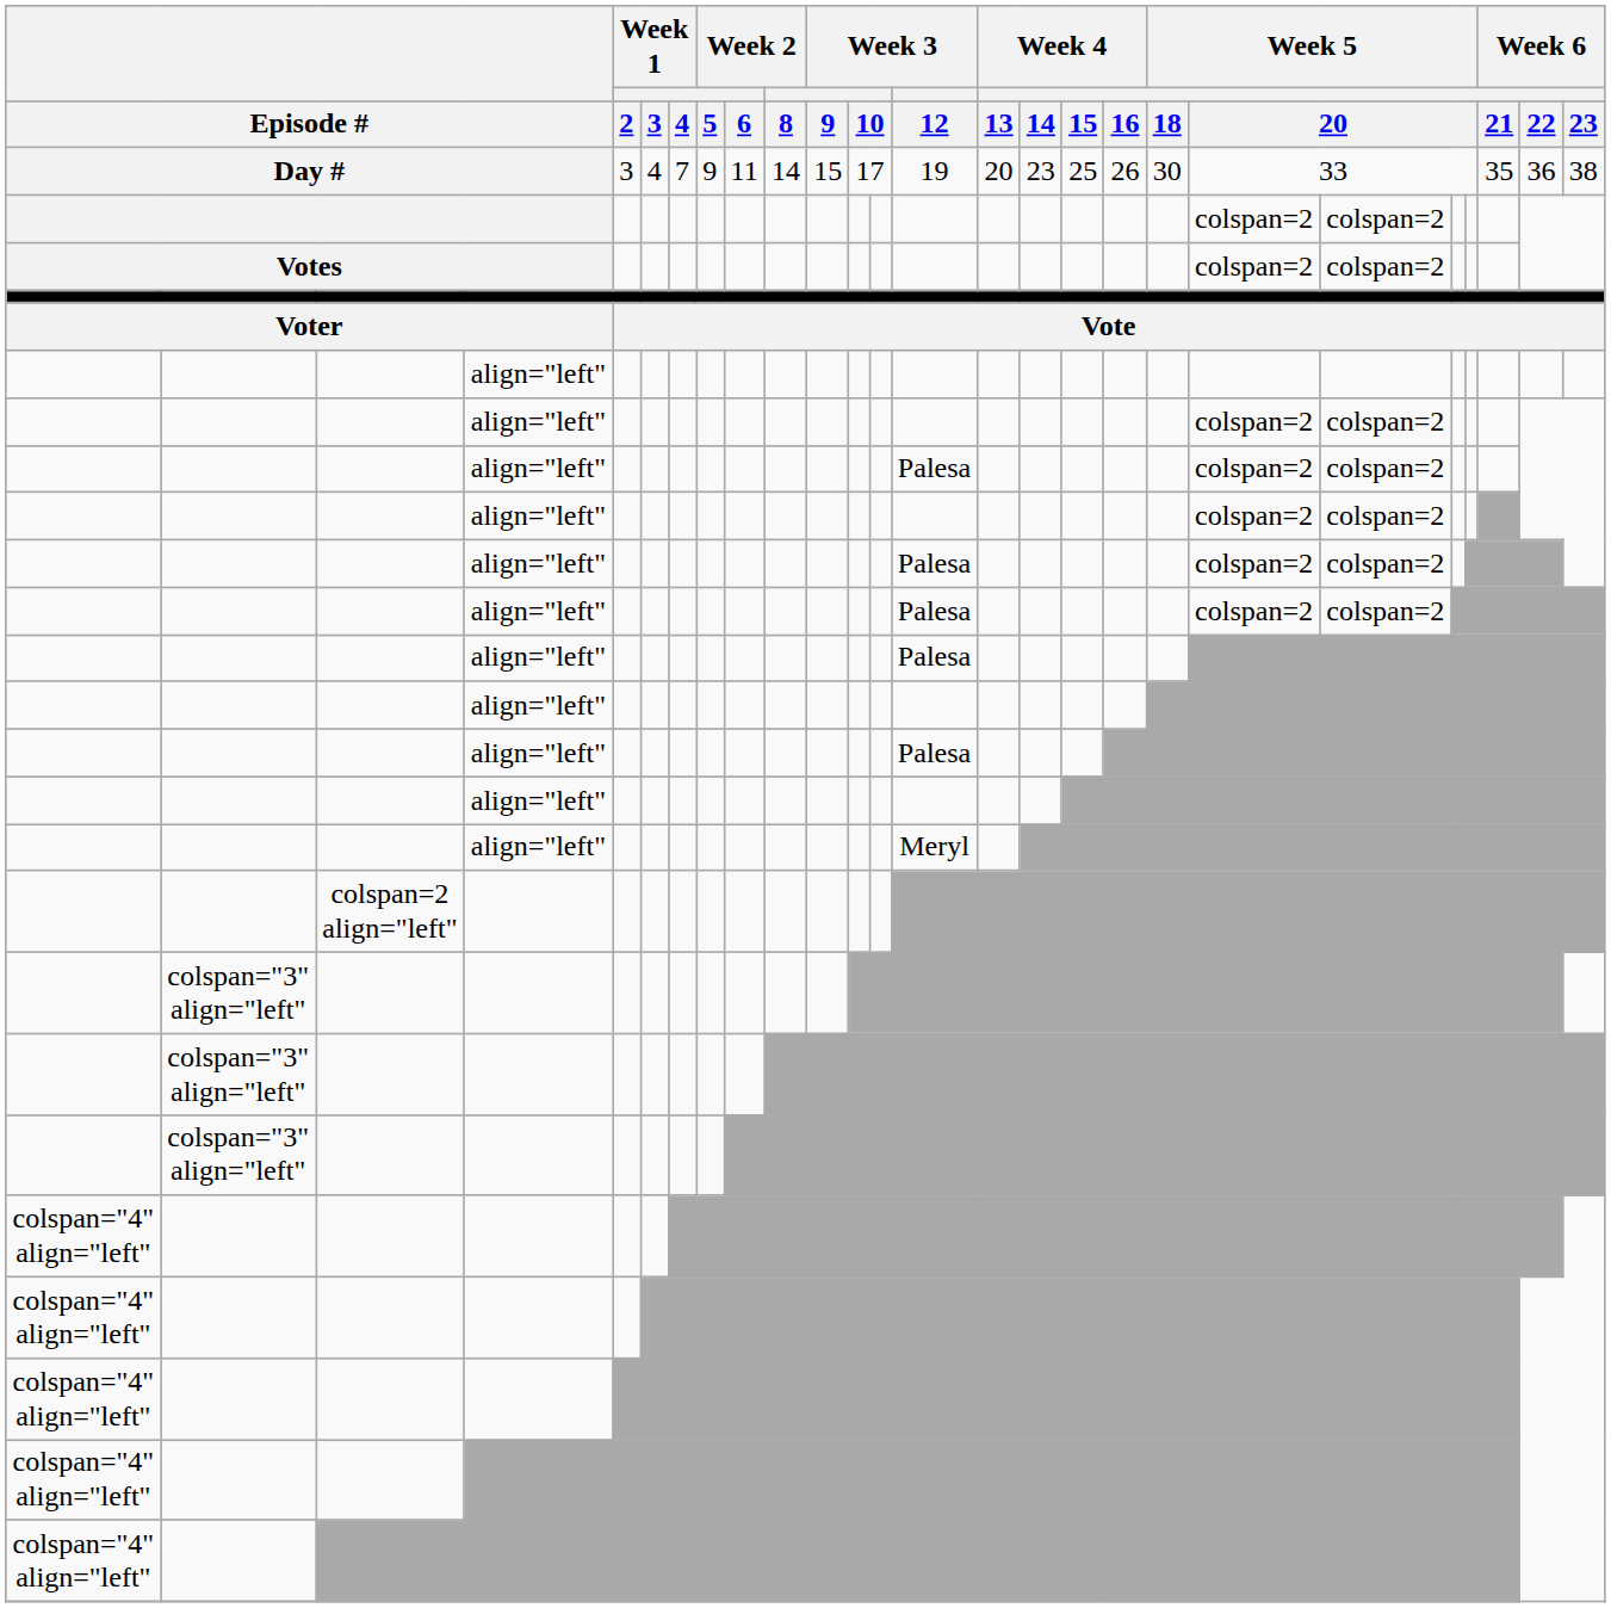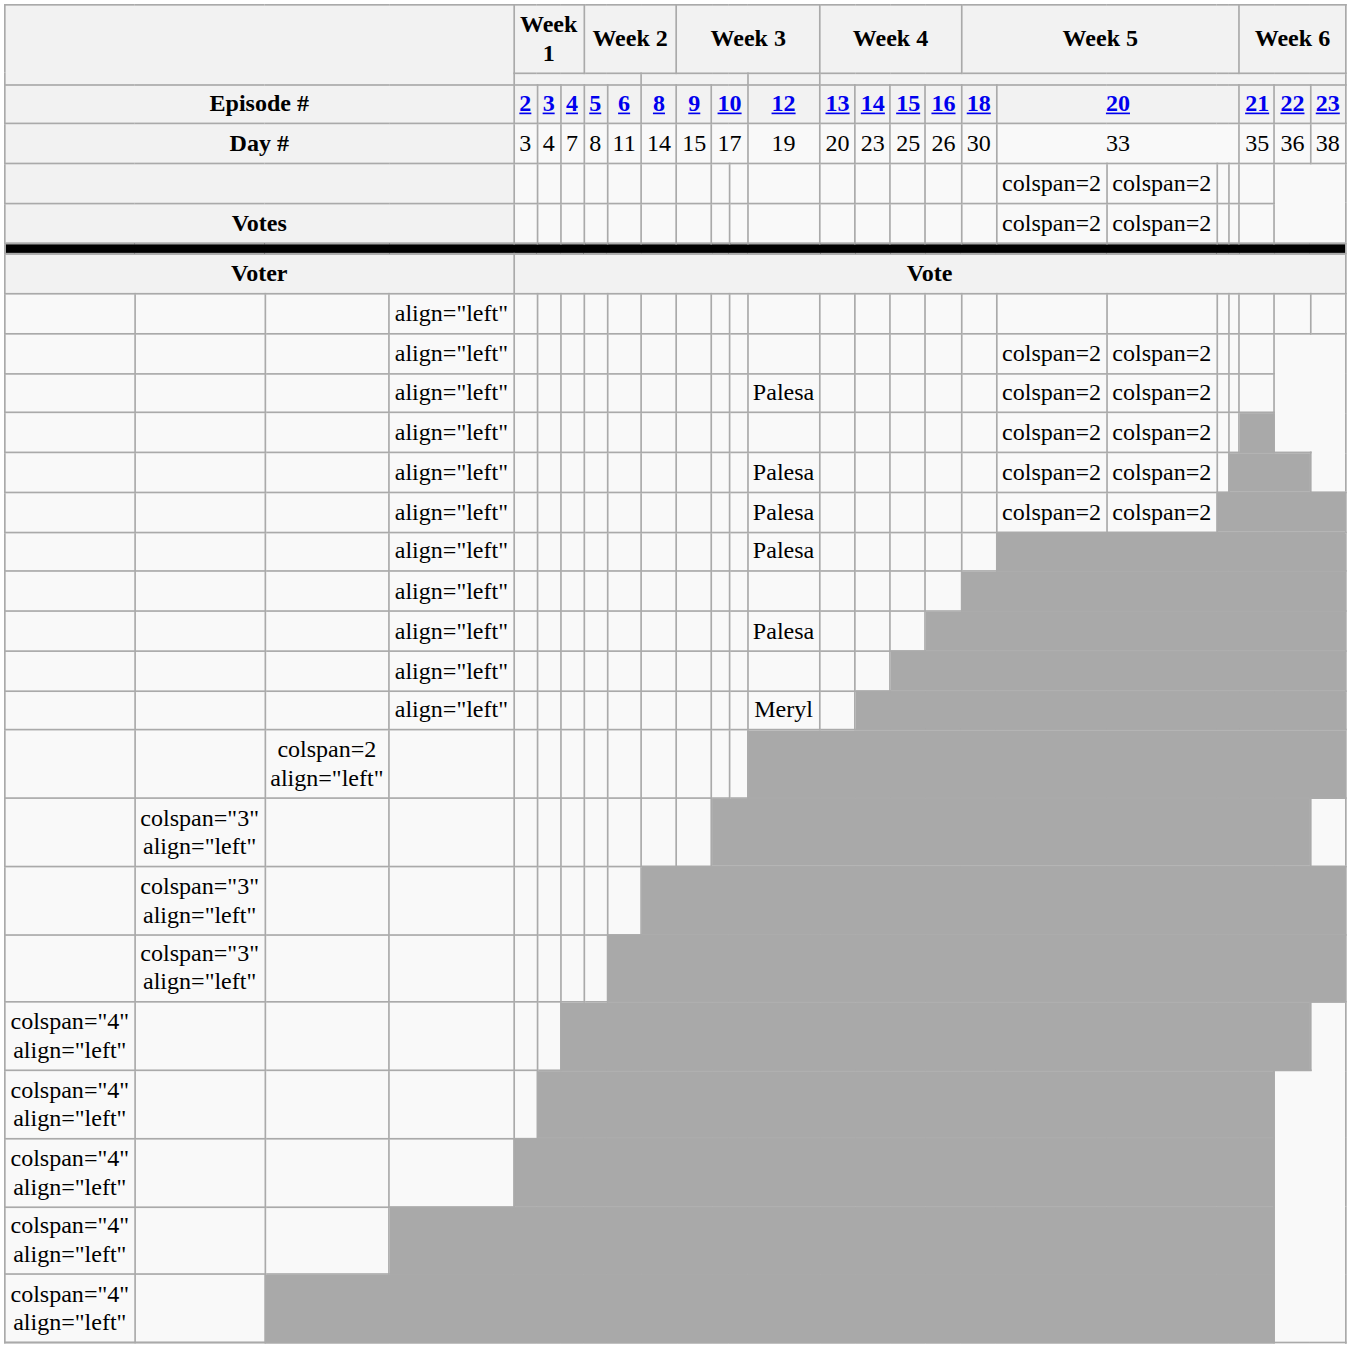 <table class="wikitable" style="text-align:center; font-size:90%; width:50%">
 <tr>
 <th rowspan="2" colspan="4"></th>
 <th colspan="3">Week 1</th>
 <th colspan="3">Week 2</th>
 <th colspan="4">Week 3</th>
 <th colspan="4">Week 4</th>
 <th colspan="5">Week 5</th>
 <th colspan="3">Week 6</th>
 </tr>
 <tr>
 <th colspan="5"></th>
 <th colspan="4"></th>
 <th colspan="1"></th>
 <th colspan="12"></th>
 </tr>
 <tr>
 <th colspan="4">Episode #</th>
 <th><a href='#'>2</a></th>
 <th><a href='#'>3</a></th>
 <th><a href='#'>4</a></th>
 <th><a href='#'>5</a></th>
 <th><a href='#'>6</a></th>
 <th><a href='#'>8</a></th>
 <th><a href='#'>9</a></th>
 <th colspan=2><a href='#'>10</a></th>
 <th><a href='#'>12</a></th>
 <th><a href='#'>13</a></th>
 <th><a href='#'>14</a></th>
 <th><a href='#'>15</a></th>
 <th><a href='#'>16</a></th>
 <th><a href='#'>18</a></th>
 <th colspan=4><a href='#'>20</a></th>
 <th><a href='#'>21</a></th>
 <th><a href='#'>22</a></th>
 <th><a href='#'>23</a></th>
 </tr>
 <tr>
 <th colspan="4">Day #</th>
 <td>3</td>
 <td>4</td>
 <td>7</td>
-<td>9</td>
+<td>8</td>
 <td>11</td>
 <td>14</td>
 <td>15</td>
 <td colspan=2>17</td>
 <td>19</td>
 <td>20</td>
 <td>23</td>
 <td>25</td>
 <td>26</td>
 <td>30</td>
 <td colspan=4>33</td>
 <td>35</td>
 <td>36</td>
 <td>38</td>
 </tr>
 <tr>
 <th colspan="4"></th>
 <td></td>
 <td></td>
 <td></td>
 <td></td>
 <td></td>
 <td></td>
 <td></td>
 <td></td>
 <td></td>
 <td></td>
 <td></td>
 <td></td>
 <td></td>
 <td></td>
 <td></td>
 <td>colspan=2 </td>
 <td>colspan=2 </td>
 <td></td>
 <td></td>
 <td></td>
 </tr>
 <tr>
 <th colspan="4">Votes</th>
 <td></td>
 <td></td>
 <td></td>
 <td></td>
 <td></td>
 <td></td>
 <td></td>
 <td></td>
 <td></td>
 <td></td>
 <td></td>
 <td></td>
 <td></td>
 <td></td>
 <td></td>
 <td>colspan=2 </td>
 <td>colspan=2 </td>
 <td></td>
 <td></td>
 <td></td>
 </tr>
 <tr>
 <td bgcolor=#000000 colspan="26"></td>
 </tr>
 <tr>
 <th colspan="4">Voter</th>
 <th colspan="22">Vote</th>
 </tr>
 <tr>
 <td></td>
 <td></td>
 <td></td>
 <td>align="left" </td>
 <td></td>
 <td></td>
 <td></td>
 <td></td>
 <td></td>
 <td></td>
 <td></td>
 <td></td>
 <td></td>
 <td></td>
 <td></td>
 <td></td>
 <td></td>
 <td></td>
 <td></td>
 <td></td>
 <td></td>
 <td></td>
 <td></td>
 <td></td>
 <td></td>
 <td></td>
 </tr>
 <tr>
 <td></td>
 <td></td>
 <td></td>
 <td>align="left" </td>
 <td></td>
 <td></td>
 <td></td>
 <td></td>
 <td></td>
 <td></td>
 <td></td>
 <td></td>
 <td></td>
 <td></td>
 <td></td>
 <td></td>
 <td></td>
 <td></td>
 <td></td>
 <td>colspan=2 </td>
 <td>colspan=2 </td>
 <td></td>
 <td></td>
 <td></td>
 </tr>
 <tr>
 <td></td>
 <td></td>
 <td></td>
 <td>align="left" </td>
 <td></td>
 <td></td>
 <td></td>
 <td></td>
 <td></td>
 <td></td>
 <td></td>
 <td></td>
 <td></td>
 <td><span>Palesa</span></td>
 <td></td>
 <td></td>
 <td></td>
 <td></td>
 <td></td>
 <td>colspan=2 </td>
 <td>colspan=2 </td>
 <td></td>
 <td></td>
 <td></td>
 </tr>
 <tr>
 <td></td>
 <td></td>
 <td></td>
 <td>align="left" </td>
 <td></td>
 <td></td>
 <td></td>
 <td></td>
 <td></td>
 <td></td>
 <td></td>
 <td></td>
 <td></td>
 <td></td>
 <td></td>
 <td></td>
 <td></td>
 <td></td>
 <td></td>
 <td>colspan=2 </td>
 <td>colspan=2 </td>
 <td></td>
 <td></td>
 <td colspan="1" style="background:darkgrey;"></td>
 </tr>
 <tr>
 <td></td>
 <td></td>
 <td></td>
 <td>align="left" </td>
 <td></td>
 <td></td>
 <td></td>
 <td></td>
 <td></td>
 <td></td>
 <td></td>
 <td></td>
 <td></td>
 <td><span>Palesa</span></td>
 <td></td>
 <td></td>
 <td></td>
 <td></td>
 <td></td>
 <td>colspan=2 </td>
 <td>colspan=2 </td>
 <td></td>
 <td colspan="3" style="background:darkgrey;"></td>
 </tr>
 <tr>
 <td></td>
 <td></td>
 <td></td>
 <td>align="left" </td>
 <td></td>
 <td></td>
 <td></td>
 <td></td>
 <td></td>
 <td></td>
 <td></td>
 <td></td>
 <td></td>
 <td><span>Palesa</span></td>
 <td></td>
 <td></td>
 <td></td>
 <td></td>
 <td></td>
 <td>colspan=2 </td>
 <td>colspan=2 </td>
 <td colspan="5" style="background:darkgrey;"></td>
 </tr>
 <tr>
 <td></td>
 <td></td>
 <td></td>
 <td>align="left" </td>
 <td></td>
 <td></td>
 <td></td>
 <td></td>
 <td></td>
 <td></td>
 <td></td>
 <td></td>
 <td></td>
 <td><span>Palesa</span></td>
 <td></td>
 <td></td>
 <td></td>
 <td></td>
 <td></td>
 <td colspan="8" style="background:darkgrey;"></td>
 </tr>
 <tr>
 <td></td>
 <td></td>
 <td></td>
 <td>align="left" </td>
 <td></td>
 <td></td>
 <td></td>
 <td></td>
 <td></td>
 <td></td>
 <td></td>
 <td></td>
 <td></td>
 <td></td>
 <td></td>
 <td></td>
 <td></td>
 <td></td>
 <td colspan="9" style="background:darkgrey;"></td>
 </tr>
 <tr>
 <td></td>
 <td></td>
 <td></td>
 <td>align="left" </td>
 <td></td>
 <td></td>
 <td></td>
 <td></td>
 <td></td>
 <td></td>
 <td></td>
 <td></td>
 <td></td>
 <td><span>Palesa</span></td>
 <td></td>
 <td></td>
 <td></td>
 <td colspan="10" style="background:darkgrey;"></td>
 </tr>
 <tr>
 <td></td>
 <td></td>
 <td></td>
 <td>align="left" </td>
 <td></td>
 <td></td>
 <td></td>
 <td></td>
 <td></td>
 <td></td>
 <td></td>
 <td></td>
 <td></td>
 <td></td>
 <td></td>
 <td></td>
 <td colspan="11" style="background:darkgrey;"></td>
 </tr>
 <tr>
 <td></td>
 <td></td>
 <td></td>
 <td>align="left" </td>
 <td></td>
 <td></td>
 <td></td>
 <td></td>
 <td></td>
 <td></td>
 <td></td>
 <td></td>
 <td></td>
 <td><span>Meryl</span></td>
 <td></td>
 <td colspan="12" style="background:darkgrey;"></td>
 </tr>
 <tr>
 <td></td>
 <td></td>
 <td>colspan=2 align="left" </td>
 <td></td>
 <td></td>
 <td></td>
 <td></td>
 <td></td>
 <td></td>
 <td></td>
 <td></td>
 <td></td>
 <td></td>
 <td colspan="13" style="background:darkgrey;"></td>
 </tr>
 <tr>
 <td></td>
 <td>colspan="3" align="left" </td>
 <td></td>
 <td></td>
 <td></td>
 <td></td>
 <td></td>
 <td></td>
 <td></td>
 <td></td>
 <td></td>
 <td colspan="14" style="background:darkgrey;"></td>
 </tr>
 <tr>
 <td></td>
 <td>colspan="3" align="left" </td>
 <td></td>
 <td></td>
 <td></td>
 <td></td>
 <td></td>
 <td></td>
 <td></td>
 <td colspan="17" style="background:darkgrey;"></td>
 </tr>
 <tr>
 <td></td>
 <td>colspan="3" align="left" </td>
 <td></td>
 <td></td>
 <td></td>
 <td></td>
 <td></td>
 <td></td>
 <td colspan="18" style="background:darkgrey;"></td>
 </tr>
 <tr>
 <td>colspan="4" align="left" </td>
 <td></td>
 <td></td>
 <td></td>
 <td></td>
 <td></td>
 <td colspan="19" style="background:darkgrey;"></td>
 </tr>
 <tr>
 <td>colspan="4" align="left" </td>
 <td></td>
 <td></td>
 <td></td>
 <td></td>
 <td colspan="19" style="background:darkgrey;"></td>
 </tr>
 <tr>
 <td>colspan="4" align="left" </td>
 <td></td>
 <td></td>
 <td></td>
 <td colspan="20" style="background:darkgrey;"></td>
 </tr>
 <tr>
 <td>colspan="4" align="left" </td>
 <td></td>
 <td></td>
 <td colspan="21" style="background:darkgrey;"></td>
 </tr>
 <tr>
 <td>colspan="4" align="left" </td>
 <td></td>
 <td colspan="22" style="background:darkgrey;"></td>
 </tr>
 <tr>
 </tr>
 </table>
